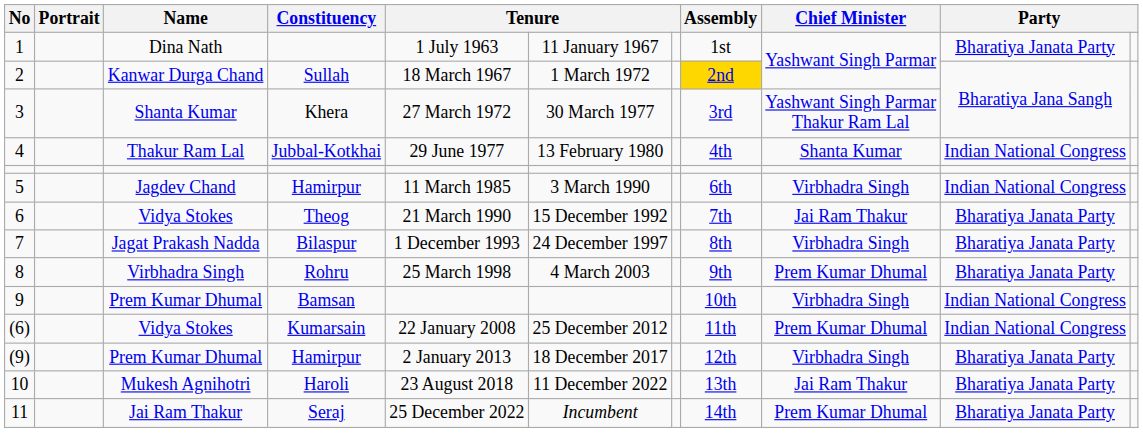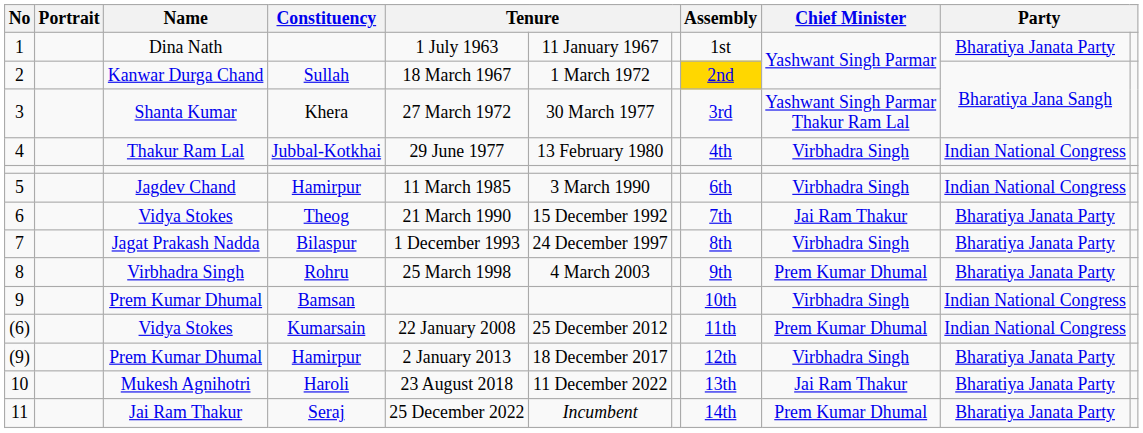 <table class="wikitable">
 <tr>
 <th>No</th>
 <th>Portrait</th>
 <th>Name</th>
 <th><a href='#'>Constituency</a></th>
 <th colspan="3">Tenure</th>
 <th>Assembly</th>
 <th><a href='#'>Chief Minister</a></th>
 <th colspan="2">Party</th>
 </tr>
 <tr align="center">
 <td>1</td>
 <td></td>
 <td>Dina Nath</td>
 <td></td>
 <td>1 July 1963</td>
 <td>11 January 1967</td>
 <td></td>
 <td>1st</td>
 <td rowspan="2"><a href='#'>Yashwant Singh Parmar</a></td>
 <td><a href='#'>Bharatiya Janata Party</a></td>
 <td style="background-color: "></td>
 </tr>
 <tr align="center">
 <td>2</td>
 <td></td>
 <td><a href='#'>Kanwar Durga Chand</a></td>
 <td><a href='#'>Sullah</a></td>
 <td>18 March 1967</td>
 <td>1 March 1972</td>
 <td></td>
 <td style="background: gold;"><a href='#'>2nd</a></td>
 <td rowspan="2"><a href='#'>Bharatiya Jana Sangh</a></td>
 <td rowspan="2" style="background:"></td>
 </tr>
 <tr align="center">
 <td>3</td>
 <td></td>
 <td><a href='#'>Shanta Kumar</a></td>
 <td>Khera</td>
 <td>27 March 1972</td>
 <td>30 March 1977</td>
 <td></td>
 <td><a href='#'>3rd</a></td>
 <td><a href='#'>Yashwant Singh Parmar</a><br><a href='#'>Thakur Ram Lal</a></td>
 </tr>
 <tr align="center">
 <td>4</td>
 <td></td>
 <td><a href='#'>Thakur Ram Lal</a></td>
 <td><a href='#'>Jubbal-Kotkhai</a></td>
 <td>29 June 1977</td>
 <td>13 February 1980</td>
 <td></td>
 <td><a href='#'>4th</a></td>
-<td><a href='#'>Shanta Kumar</a></td>
+<td><a href='#'>Virbhadra Singh</a></td>
 <td><a href='#'>Indian National Congress</a></td>
 <td style="background:"></td>
 </tr>
 <tr align="center">
 <td></td>
 <td></td>
 <td></td>
 <td></td>
 <td></td>
 <td></td>
 <td></td>
 <td></td>
 <td></td>
 <td></td>
 </tr>
 <tr align="center">
 <td>5</td>
 <td></td>
 <td><a href='#'>Jagdev Chand</a></td>
 <td><a href='#'>Hamirpur</a></td>
 <td>11 March 1985</td>
 <td>3 March 1990</td>
 <td></td>
 <td><a href='#'>6th</a></td>
 <td><a href='#'>Virbhadra Singh</a></td>
 <td><a href='#'>Indian National Congress</a></td>
 <td style="background:"></td>
 </tr>
 <tr align="center">
 <td>6</td>
 <td></td>
 <td><a href='#'>Vidya Stokes</a></td>
 <td><a href='#'>Theog</a></td>
 <td>21 March 1990</td>
 <td>15 December 1992</td>
 <td></td>
 <td><a href='#'>7th</a></td>
 <td><a href='#'>Jai Ram Thakur</a></td>
 <td><a href='#'>Bharatiya Janata Party</a></td>
 <td style="background:"></td>
 </tr>
 <tr align="center">
 <td>7</td>
 <td></td>
 <td><a href='#'>Jagat Prakash Nadda</a></td>
 <td><a href='#'>Bilaspur</a></td>
 <td>1 December 1993</td>
 <td>24 December 1997</td>
 <td></td>
 <td><a href='#'>8th</a></td>
 <td><a href='#'>Virbhadra Singh</a></td>
 <td><a href='#'>Bharatiya Janata Party</a></td>
 <td style="background:"></td>
 </tr>
 <tr align="center">
 <td>8</td>
 <td></td>
 <td><a href='#'>Virbhadra Singh</a></td>
 <td><a href='#'>Rohru</a></td>
 <td>25 March 1998</td>
 <td>4 March 2003</td>
 <td></td>
 <td><a href='#'>9th</a></td>
 <td><a href='#'>Prem Kumar Dhumal</a></td>
 <td><a href='#'>Bharatiya Janata Party</a></td>
 <td style="background:"></td>
 </tr>
 <tr align="center">
 <td>9</td>
 <td></td>
 <td><a href='#'>Prem Kumar Dhumal</a></td>
 <td><a href='#'>Bamsan</a></td>
 <td></td>
 <td></td>
 <td></td>
 <td><a href='#'>10th</a></td>
 <td><a href='#'>Virbhadra Singh</a></td>
 <td><a href='#'>Indian National Congress</a></td>
 <td style="background:"></td>
 </tr>
 <tr align="center">
 <td>(6)</td>
 <td></td>
 <td><a href='#'>Vidya Stokes</a></td>
 <td><a href='#'>Kumarsain</a></td>
 <td>22 January 2008</td>
 <td>25 December 2012</td>
 <td></td>
 <td><a href='#'>11th</a></td>
 <td><a href='#'>Prem Kumar Dhumal</a></td>
 <td><a href='#'>Indian National Congress</a></td>
 <td style="background:"></td>
 </tr>
 <tr align="center">
 <td>(9)</td>
 <td></td>
 <td><a href='#'>Prem Kumar Dhumal</a></td>
 <td><a href='#'>Hamirpur</a></td>
 <td>2 January 2013</td>
 <td>18 December 2017</td>
 <td></td>
 <td><a href='#'>12th</a></td>
 <td><a href='#'>Virbhadra Singh</a></td>
 <td><a href='#'>Bharatiya Janata Party</a></td>
 <td style="background:"></td>
 </tr>
 <tr align="center">
 <td>10</td>
 <td></td>
 <td><a href='#'>Mukesh Agnihotri</a></td>
 <td><a href='#'>Haroli</a></td>
 <td>23 August 2018</td>
 <td>11 December 2022</td>
 <td></td>
 <td><a href='#'>13th</a></td>
 <td><a href='#'>Jai Ram Thakur</a></td>
 <td><a href='#'>Bharatiya Janata Party</a></td>
 <td style="background:"></td>
 </tr>
 <tr align="center">
 <td>11</td>
 <td></td>
 <td><a href='#'>Jai Ram Thakur</a></td>
 <td><a href='#'>Seraj</a></td>
 <td>25 December 2022</td>
 <td><em>Incumbent</em></td>
 <td></td>
 <td><a href='#'>14th</a></td>
 <td><a href='#'>Prem Kumar Dhumal</a></td>
 <td><a href='#'>Bharatiya Janata Party</a></td>
 <td style="background:"></td>
 </tr>
 </table>
